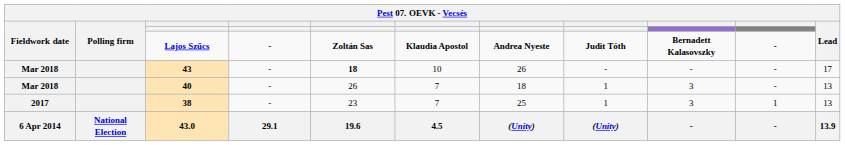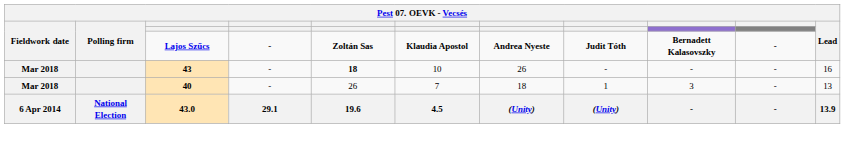 <table class="wikitable mw-collapsible mw-collapsed" style="text-align:center">
 <tr>
 <th colspan="11" style="width: 980pt;"><small><a href='#'>Pest</a> 07.</small> <small>OEVK - <a href='#'>Vecsés</a></small></th>
 </tr>
 <tr>
 <th rowspan="3" style="width: 80pt;"><small>Fieldwork</small> <small>date</small></th>
 <th rowspan="3" style="width: 80pt;"><strong><small>Polling</small> <small>firm</small></strong></th>
 <th style="width: 100pt;"><small></small></th>
 <th style="width: 100pt;"><small> </small></th>
 <th style="width: 100pt;"></th>
 <th style="width: 100pt;"></th>
 <th style="width: 100pt;"></th>
 <th style="width: 100pt;"></th>
 <th style="width: 100pt;"></th>
 <th style="width: 100pt;"></th>
 <th rowspan="3" style="width: 20pt;"><small>Lead</small></th>
 </tr>
 <tr>
 <th style="color:inherit;background:"></th>
 <th style="color:inherit;background:"></th>
 <th style="color:inherit;background:"></th>
 <th style="color:inherit;background:"></th>
 <th style="color:inherit;background:"></th>
 <th style="color:inherit;background:"></th>
 <th style="color:inherit;background:#8E6FCE;"></th>
 <th style="color:inherit;background:#808080;"></th>
 </tr>
 <tr>
 <td><a href='#'><strong><small>Lajos Szűcs</small></strong></a></td>
 <td><small><strong>-</strong></small></td>
 <td><strong><small>Zoltán Sas</small></strong></td>
 <td><small><strong>Klaudia Apostol</strong></small></td>
 <td><small><strong>Andrea Nyeste</strong></small></td>
 <td><small><strong>Judit Tóth</strong></small></td>
 <td><strong><small>Bernadett</small></strong> <strong><small>Kalasovszky</small></strong></td>
 <td><small><strong>-</strong></small></td>
 </tr>
 <tr>
 <th><small>Mar 2018</small></th>
 <th><small></small></th>
 <td style="background:#FFE5B4"><small><strong>43</strong></small></td>
 <td><small>-</small></td>
 <td><strong><small>18</small></strong></td>
 <td><small>10</small></td>
 <td><small>26</small></td>
 <td><small>-</small></td>
 <td><small>-</small></td>
 <td><small>-</small></td>
-<td style="background:"><small>17</small></td>
+<td style="background:"><small>16</small></td>
 </tr>
 <tr>
 <th><small>Mar 2018</small></th>
 <th><small></small></th>
 <td style="background:#FFE5B4"><small><strong>40</strong></small></td>
 <td><small>-</small></td>
 <td><small>26</small></td>
 <td><small>7</small></td>
 <td><small>18</small></td>
 <td><small>1</small></td>
 <td><small>3</small></td>
 <td><small>-</small></td>
-<td style="background:"><small>13</small></td>
-</tr>
-<tr>
-<th><small>2017</small></th>
-<th><small></small></th>
-<td style="background:#FFE5B4"><small><strong>38</strong></small></td>
-<td><small>-</small></td>
-<td><small>23</small></td>
-<td><small>7</small></td>
-<td><small>25</small></td>
-<td><small>1</small></td>
-<td><small>3</small></td>
-<td><small>1</small></td>
 <td style="background:"><small>13</small></td>
 </tr>
 <tr>
 <th><small>6 Apr 2014</small></th>
 <th><a href='#'><small>National Election</small></a></th>
 <th style="background:#FFE5B4"><small><strong>43.0</strong></small></th>
 <th><small>29.1</small></th>
 <th><small>19.6</small></th>
 <th><small>4.5</small></th>
 <th><small><em>(<a href='#'>Unity</a>)</em></small></th>
 <th><small><em>(<a href='#'>Unity</a>)</em></small></th>
 <th><small>-</small></th>
 <th><small>-</small></th>
 <th style="background:"><small>13.9</small></th>
 </tr>
 </table>
